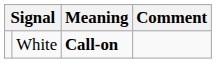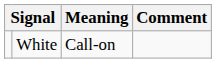 <table class="wikitable">
 <tr>
 <th colspan=2>Signal</th>
 <th>Meaning</th>
 <th>Comment</th>
 </tr>
 <tr>
 <td></td>
 <td>White</td>
-<td><strong>Call-on</strong></td>
+<td>Call-on</td>
 <td></td>
 </tr>
 </table>
